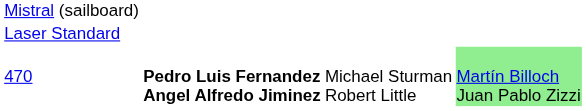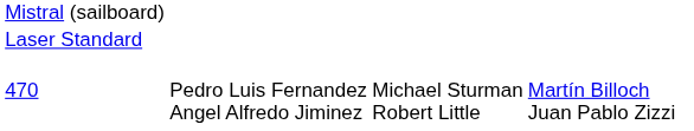 <table>
 <tr>
 <td><a href='#'>Mistral</a> (sailboard)<br></td>
 <td></td>
 <td></td>
 <td></td>
 </tr>
 <tr>
 <td><a href='#'>Laser Standard</a><br></td>
 <td></td>
 <td></td>
 <td></td>
 </tr>
 <tr>
 <td><a href='#'>470</a><br></td>
-<td><strong><br>Pedro Luis Fernandez<br>Angel Alfredo Jiminez</strong></td>
+<td><br>Pedro Luis Fernandez<br>Angel Alfredo Jiminez</td>
 <td><br>Michael Sturman<br>Robert Little</td>
-<td style="background: lightgreen;"><br><a href='#'>Martín Billoch</a><br>Juan Pablo Zizzi</td>
+<td><br><a href='#'>Martín Billoch</a><br>Juan Pablo Zizzi</td>
 </tr>
 </table>
